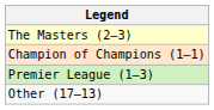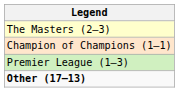 <table class="wikitable">
 <tr>
 <th>Legend</th>
 </tr>
 <tr style="background:#ffc;">
 <td>The Masters (2–3)</td>
 </tr>
 <tr style="background:#ffe6cc;">
 <td>Champion of Champions (1–1)</td>
 </tr>
 <tr style="background:#d0f0c0;">
 <td>Premier League (1–3)</td>
 </tr>
 <tr>
-<td>Other (17–13)</td>
+<td><strong>Other (17–13)</strong></td>
 </tr>
 </table>
